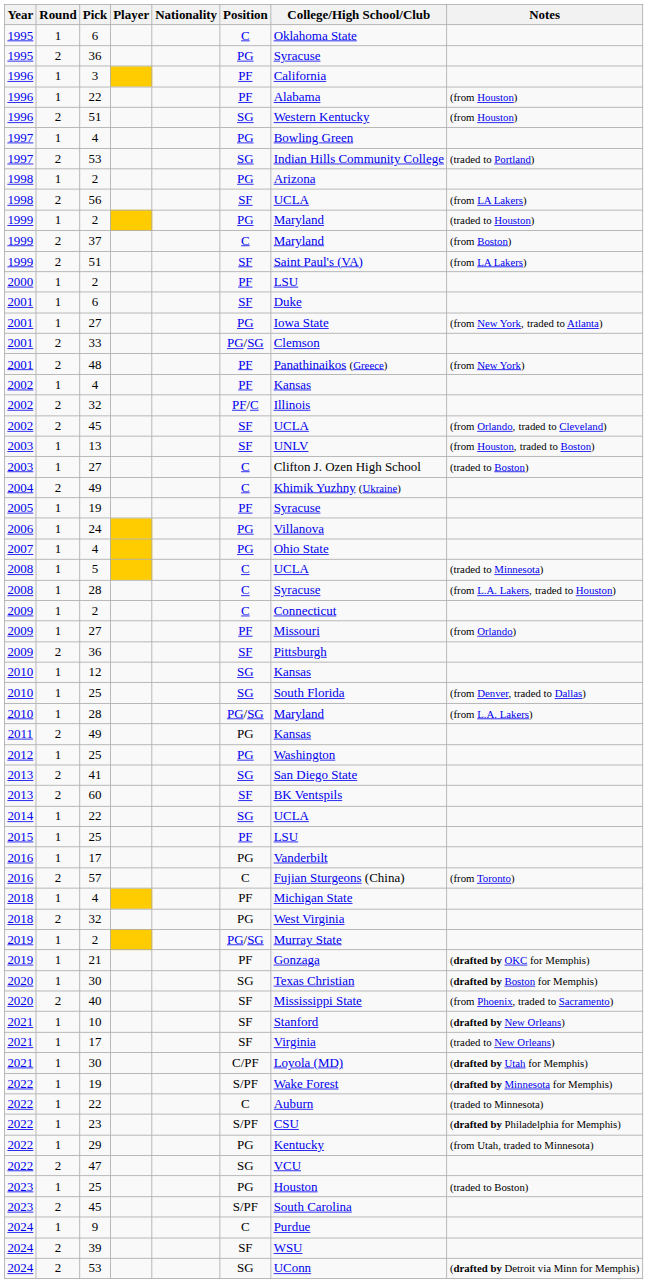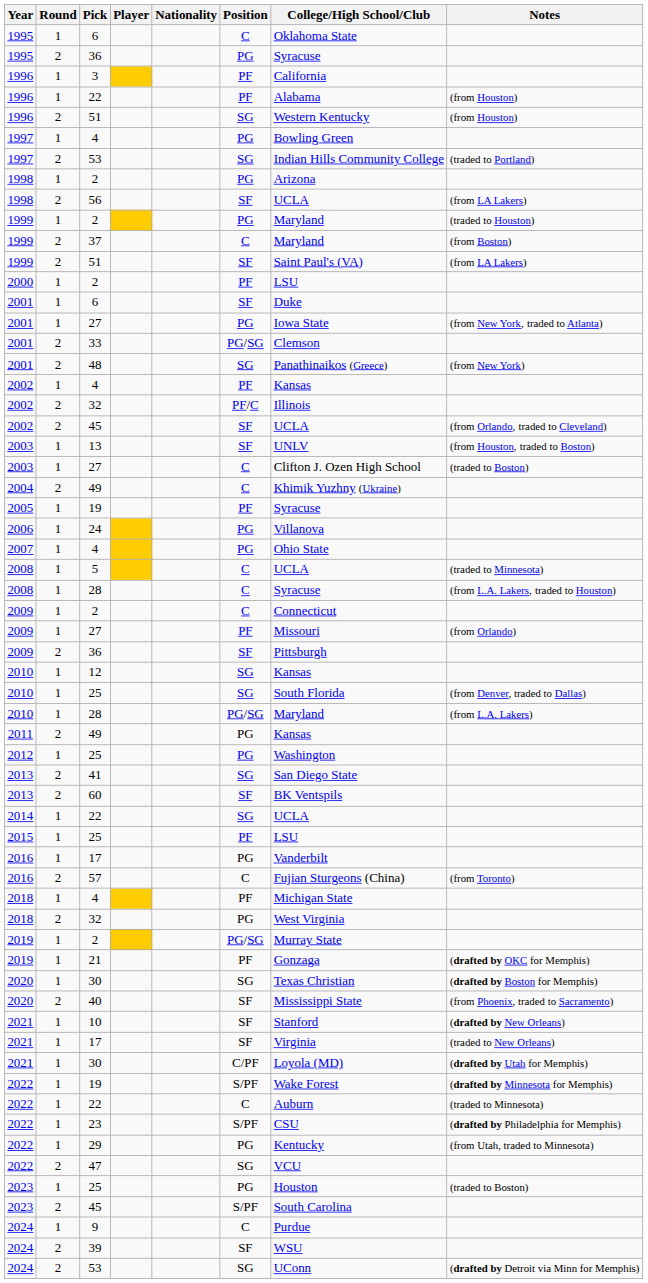 <table class="wikitable sortable">
 <tr>
 <th>Year</th>
 <th>Round</th>
 <th>Pick</th>
 <th>Player</th>
 <th>Nationality</th>
 <th>Position</th>
 <th>College/High School/Club</th>
 <th>Notes</th>
 </tr>
 <tr>
 <td align=center><a href='#'>1995</a></td>
 <td align=center>1</td>
 <td align=center>6</td>
 <td></td>
 <td></td>
 <td align=center><a href='#'>C</a></td>
 <td><a href='#'>Oklahoma State</a></td>
 <td></td>
 </tr>
 <tr>
 <td align=center><a href='#'>1995</a></td>
 <td align=center>2</td>
 <td align=center>36</td>
 <td></td>
 <td></td>
 <td align=center><a href='#'>PG</a></td>
 <td><a href='#'>Syracuse</a></td>
 <td></td>
 </tr>
 <tr>
 <td align=center><a href='#'>1996</a></td>
 <td align=center>1</td>
 <td align=center>3</td>
 <td bgcolor="FFCC00"></td>
 <td></td>
 <td align=center><a href='#'>PF</a></td>
 <td><a href='#'>California</a></td>
 <td></td>
 </tr>
 <tr>
 <td align=center><a href='#'>1996</a></td>
 <td align=center>1</td>
 <td align=center>22</td>
 <td></td>
 <td></td>
 <td align=center><a href='#'>PF</a></td>
 <td><a href='#'>Alabama</a></td>
 <td><small>(from <a href='#'>Houston</a>)</small></td>
 </tr>
 <tr>
 <td align=center><a href='#'>1996</a></td>
 <td align=center>2</td>
 <td align=center>51</td>
 <td></td>
 <td></td>
 <td align=center><a href='#'>SG</a></td>
 <td><a href='#'>Western Kentucky</a></td>
 <td><small>(from <a href='#'>Houston</a>)</small></td>
 </tr>
 <tr>
 <td align=center><a href='#'>1997</a></td>
 <td align=center>1</td>
 <td align=center>4</td>
 <td></td>
 <td></td>
 <td align=center><a href='#'>PG</a></td>
 <td><a href='#'>Bowling Green</a></td>
 <td></td>
 </tr>
 <tr>
 <td align=center><a href='#'>1997</a></td>
 <td align=center>2</td>
 <td align=center>53</td>
 <td></td>
 <td></td>
 <td align=center><a href='#'>SG</a></td>
 <td><a href='#'>Indian Hills Community College</a></td>
 <td><small>(traded to <a href='#'>Portland</a>)</small></td>
 </tr>
 <tr>
 <td align=center><a href='#'>1998</a></td>
 <td align=center>1</td>
 <td align=center>2</td>
 <td></td>
 <td></td>
 <td align=center><a href='#'>PG</a></td>
 <td><a href='#'>Arizona</a></td>
 <td></td>
 </tr>
 <tr>
 <td align=center><a href='#'>1998</a></td>
 <td align=center>2</td>
 <td align=center>56</td>
 <td></td>
 <td></td>
 <td align=center><a href='#'>SF</a></td>
 <td><a href='#'>UCLA</a></td>
 <td><small>(from <a href='#'>LA Lakers</a>)</small></td>
 </tr>
 <tr>
 <td align=center><a href='#'>1999</a></td>
 <td align=center>1</td>
 <td align=center>2</td>
 <td bgcolor="FFCC00"></td>
 <td></td>
 <td align=center><a href='#'>PG</a></td>
 <td><a href='#'>Maryland</a></td>
 <td><small>(traded to <a href='#'>Houston</a>)</small></td>
 </tr>
 <tr>
 <td align=center><a href='#'>1999</a></td>
 <td align=center>2</td>
 <td align=center>37</td>
 <td></td>
 <td></td>
 <td align=center><a href='#'>C</a></td>
 <td><a href='#'>Maryland</a></td>
 <td><small>(from <a href='#'>Boston</a>)</small></td>
 </tr>
 <tr>
 <td align=center><a href='#'>1999</a></td>
 <td align=center>2</td>
 <td align=center>51</td>
 <td></td>
 <td></td>
 <td align=center><a href='#'>SF</a></td>
 <td><a href='#'>Saint Paul's (VA)</a></td>
 <td><small>(from <a href='#'>LA Lakers</a>)</small></td>
 </tr>
 <tr>
 <td align=center><a href='#'>2000</a></td>
 <td align=center>1</td>
 <td align=center>2</td>
 <td></td>
 <td></td>
 <td align=center><a href='#'>PF</a></td>
 <td><a href='#'>LSU</a></td>
 <td></td>
 </tr>
 <tr>
 <td align=center><a href='#'>2001</a></td>
 <td align=center>1</td>
 <td align=center>6</td>
 <td></td>
 <td></td>
 <td align=center><a href='#'>SF</a></td>
 <td><a href='#'>Duke</a></td>
 <td></td>
 </tr>
 <tr>
 <td align=center><a href='#'>2001</a></td>
 <td align=center>1</td>
 <td align=center>27</td>
 <td></td>
 <td></td>
 <td align=center><a href='#'>PG</a></td>
 <td><a href='#'>Iowa State</a></td>
 <td><small>(from <a href='#'>New York</a>,</small> <small>traded to <a href='#'>Atlanta</a>)</small></td>
 </tr>
 <tr>
 <td align=center><a href='#'>2001</a></td>
 <td align=center>2</td>
 <td align=center>33</td>
 <td></td>
 <td></td>
 <td align=center><a href='#'>PG</a>/<a href='#'>SG</a></td>
 <td><a href='#'>Clemson</a></td>
 <td></td>
 </tr>
 <tr>
 <td align=center><a href='#'>2001</a></td>
 <td align=center>2</td>
 <td align=center>48</td>
 <td></td>
 <td></td>
-<td align=center><a href='#'>PF</a></td>
+<td align=center><a href='#'>SG</a></td>
 <td><a href='#'>Panathinaikos</a> <small>(<a href='#'>Greece</a>)</small></td>
 <td><small>(from <a href='#'>New York</a>)</small></td>
 </tr>
 <tr>
 <td align=center><a href='#'>2002</a></td>
 <td align=center>1</td>
 <td align=center>4</td>
 <td></td>
 <td></td>
 <td align=center><a href='#'>PF</a></td>
 <td><a href='#'>Kansas</a></td>
 <td></td>
 </tr>
 <tr>
 <td align=center><a href='#'>2002</a></td>
 <td align=center>2</td>
 <td align=center>32</td>
 <td></td>
 <td></td>
 <td align=center><a href='#'>PF</a>/<a href='#'>C</a></td>
 <td><a href='#'>Illinois</a></td>
 <td></td>
 </tr>
 <tr>
 <td align=center><a href='#'>2002</a></td>
 <td align=center>2</td>
 <td align=center>45</td>
 <td></td>
 <td></td>
 <td align=center><a href='#'>SF</a></td>
 <td><a href='#'>UCLA</a></td>
 <td><small>(from <a href='#'>Orlando</a>,</small> <small>traded to <a href='#'>Cleveland</a>)</small></td>
 </tr>
 <tr>
 <td align=center><a href='#'>2003</a></td>
 <td align=center>1</td>
 <td align=center>13</td>
 <td></td>
 <td></td>
 <td align=center><a href='#'>SF</a></td>
 <td><a href='#'>UNLV</a></td>
 <td><small>(from <a href='#'>Houston</a>,</small> <small>traded to <a href='#'>Boston</a>)</small></td>
 </tr>
 <tr>
 <td align=center><a href='#'>2003</a></td>
 <td align=center>1</td>
 <td align=center>27</td>
 <td></td>
 <td></td>
 <td align=center><a href='#'>C</a></td>
 <td>Clifton J. Ozen High School</td>
 <td><small>(traded to <a href='#'>Boston</a>)</small></td>
 </tr>
 <tr>
 <td align=center><a href='#'>2004</a></td>
 <td align=center>2</td>
 <td align=center>49</td>
 <td></td>
 <td></td>
 <td align=center><a href='#'>C</a></td>
 <td><a href='#'>Khimik Yuzhny</a> <small>(<a href='#'>Ukraine</a>)</small></td>
 <td></td>
 </tr>
 <tr>
 <td align=center><a href='#'>2005</a></td>
 <td align=center>1</td>
 <td align=center>19</td>
 <td></td>
 <td></td>
 <td align=center><a href='#'>PF</a></td>
 <td><a href='#'>Syracuse</a></td>
 <td></td>
 </tr>
 <tr>
 <td align=center><a href='#'>2006</a></td>
 <td align=center>1</td>
 <td align=center>24</td>
 <td bgcolor="FFCC00"></td>
 <td></td>
 <td align=center><a href='#'>PG</a></td>
 <td><a href='#'>Villanova</a></td>
 <td></td>
 </tr>
 <tr>
 <td align=center><a href='#'>2007</a></td>
 <td align=center>1</td>
 <td align=center>4</td>
 <td bgcolor="FFCC00"></td>
 <td></td>
 <td align=center><a href='#'>PG</a></td>
 <td><a href='#'>Ohio State</a></td>
 <td></td>
 </tr>
 <tr>
 <td align=center><a href='#'>2008</a></td>
 <td align=center>1</td>
 <td align=center>5</td>
 <td bgcolor="FFCC00"></td>
 <td></td>
 <td align=center><a href='#'>C</a></td>
 <td><a href='#'>UCLA</a></td>
 <td><small>(traded to <a href='#'>Minnesota</a>)</small></td>
 </tr>
 <tr>
 <td align=center><a href='#'>2008</a></td>
 <td align=center>1</td>
 <td align=center>28</td>
 <td></td>
 <td></td>
 <td align=center><a href='#'>C</a></td>
 <td><a href='#'>Syracuse</a></td>
 <td><small>(from <a href='#'>L.A. Lakers</a>,</small> <small>traded to <a href='#'>Houston</a>)</small></td>
 </tr>
 <tr>
 <td align=center><a href='#'>2009</a></td>
 <td align=center>1</td>
 <td align=center>2</td>
 <td></td>
 <td></td>
 <td align=center><a href='#'>C</a></td>
 <td><a href='#'>Connecticut</a></td>
 <td></td>
 </tr>
 <tr>
 <td align=center><a href='#'>2009</a></td>
 <td align=center>1</td>
 <td align=center>27</td>
 <td></td>
 <td></td>
 <td align=center><a href='#'>PF</a></td>
 <td><a href='#'>Missouri</a></td>
 <td><small>(from <a href='#'>Orlando</a>)</small></td>
 </tr>
 <tr>
 <td align=center><a href='#'>2009</a></td>
 <td align=center>2</td>
 <td align=center>36</td>
 <td></td>
 <td></td>
 <td align=center><a href='#'>SF</a></td>
 <td><a href='#'>Pittsburgh</a></td>
 <td></td>
 </tr>
 <tr>
 <td align=center><a href='#'>2010</a></td>
 <td align=center>1</td>
 <td align=center>12</td>
 <td></td>
 <td></td>
 <td align=center><a href='#'>SG</a></td>
 <td><a href='#'>Kansas</a></td>
 <td></td>
 </tr>
 <tr>
 <td align=center><a href='#'>2010</a></td>
 <td align=center>1</td>
 <td align=center>25</td>
 <td></td>
 <td></td>
 <td align=center><a href='#'>SG</a></td>
 <td><a href='#'>South Florida</a></td>
 <td><small>(from <a href='#'>Denver</a>, traded to <a href='#'>Dallas</a>)</small></td>
 </tr>
 <tr>
 <td align=center><a href='#'>2010</a></td>
 <td align=center>1</td>
 <td align=center>28</td>
 <td></td>
 <td></td>
 <td align=center><a href='#'>PG</a>/<a href='#'>SG</a></td>
 <td><a href='#'>Maryland</a></td>
 <td><small>(from <a href='#'>L.A. Lakers</a>)</small></td>
 </tr>
 <tr>
 <td align=center><a href='#'>2011</a></td>
 <td align=center>2</td>
 <td align=center>49</td>
 <td></td>
 <td></td>
 <td align=center>PG</td>
 <td><a href='#'>Kansas</a></td>
 <td></td>
 </tr>
 <tr>
 <td align=center><a href='#'>2012</a></td>
 <td align=center>1</td>
 <td align=center>25</td>
 <td></td>
 <td></td>
 <td align=center><a href='#'>PG</a></td>
 <td><a href='#'>Washington</a></td>
 <td></td>
 </tr>
 <tr>
 <td align=center><a href='#'>2013</a></td>
 <td align=center>2</td>
 <td align=center>41</td>
 <td></td>
 <td></td>
 <td align=center><a href='#'>SG</a></td>
 <td><a href='#'>San Diego State</a></td>
 <td></td>
 </tr>
 <tr>
 <td align=center><a href='#'>2013</a></td>
 <td align=center>2</td>
 <td align=center>60</td>
 <td></td>
 <td></td>
 <td align=center><a href='#'>SF</a></td>
 <td><a href='#'>BK Ventspils</a></td>
 <td></td>
 </tr>
 <tr>
 <td align=center><a href='#'>2014</a></td>
 <td align=center>1</td>
 <td align=center>22</td>
 <td></td>
 <td></td>
 <td align=center><a href='#'>SG</a></td>
 <td><a href='#'>UCLA</a></td>
 <td></td>
 </tr>
 <tr>
 <td align=center><a href='#'>2015</a></td>
 <td align=center>1</td>
 <td align=center>25</td>
 <td></td>
 <td></td>
 <td align=center><a href='#'>PF</a></td>
 <td><a href='#'>LSU</a></td>
 <td></td>
 </tr>
 <tr>
 <td align=center><a href='#'>2016</a></td>
 <td align=center>1</td>
 <td align=center>17</td>
 <td></td>
 <td></td>
 <td align=center>PG</td>
 <td><a href='#'>Vanderbilt</a></td>
 <td></td>
 </tr>
 <tr>
 <td align=center><a href='#'>2016</a></td>
 <td align=center>2</td>
 <td align=center>57</td>
 <td></td>
 <td></td>
 <td align=center>C</td>
 <td><a href='#'>Fujian Sturgeons</a> (China)</td>
 <td><small>(from <a href='#'>Toronto</a>)</small></td>
 </tr>
 <tr>
 <td align=center><a href='#'>2018</a></td>
 <td align=center>1</td>
 <td align=center>4</td>
 <td bgcolor="FFCC00"></td>
 <td></td>
 <td align=center>PF</td>
 <td><a href='#'>Michigan State</a></td>
 <td></td>
 </tr>
 <tr>
 <td align=center><a href='#'>2018</a></td>
 <td align=center>2</td>
 <td align=center>32</td>
 <td></td>
 <td></td>
 <td align=center>PG</td>
 <td><a href='#'>West Virginia</a></td>
 <td></td>
 </tr>
 <tr>
 <td align=center><a href='#'>2019</a></td>
 <td align=center>1</td>
 <td align=center>2</td>
 <td bgcolor="FFCC00"></td>
 <td></td>
 <td align=center><a href='#'>PG</a>/<a href='#'>SG</a></td>
 <td><a href='#'>Murray State</a></td>
 <td></td>
 </tr>
 <tr>
 <td align=center><a href='#'>2019</a></td>
 <td align=center>1</td>
 <td align=center>21</td>
 <td></td>
 <td></td>
 <td align=center>PF</td>
 <td><a href='#'>Gonzaga</a></td>
 <td><small>(<strong>drafted by</strong> <a href='#'>OKC</a> for Memphis)</small></td>
 </tr>
 <tr>
 <td align=center><a href='#'>2020</a></td>
 <td align=center>1</td>
 <td align=center>30</td>
 <td></td>
 <td></td>
 <td align=center>SG</td>
 <td><a href='#'>Texas Christian</a></td>
 <td><small>(<strong>drafted by</strong> <a href='#'>Boston</a> for Memphis)</small></td>
 </tr>
 <tr>
 <td align=center><a href='#'>2020</a></td>
 <td align=center>2</td>
 <td align=center>40</td>
 <td><em></em></td>
 <td></td>
 <td align=center>SF</td>
 <td><a href='#'>Mississippi State</a></td>
 <td><small>(from <a href='#'>Phoenix</a>, traded to <a href='#'>Sacramento</a>)</small></td>
 </tr>
 <tr>
 <td align=center><a href='#'>2021</a></td>
 <td align=center>1</td>
 <td align=center>10</td>
 <td></td>
 <td></td>
 <td align=center>SF</td>
 <td><a href='#'>Stanford</a></td>
 <td><small>(<strong>drafted by</strong> <a href='#'>New Orleans</a>)</small></td>
 </tr>
 <tr>
 <td align=center><a href='#'>2021</a></td>
 <td align=center>1</td>
 <td align=center>17</td>
 <td><em></em></td>
 <td></td>
 <td align=center>SF</td>
 <td><a href='#'>Virginia</a></td>
 <td><small>(traded to <a href='#'>New Orleans</a>)</small></td>
 </tr>
 <tr>
 <td align=center><a href='#'>2021</a></td>
 <td align=center>1</td>
 <td align=center>30</td>
 <td></td>
 <td></td>
 <td align=center>C/PF</td>
 <td><a href='#'>Loyola (MD)</a></td>
 <td><small>(<strong>drafted by</strong> <a href='#'>Utah</a> for Memphis)</small></td>
 </tr>
 <tr>
 <td align=center><a href='#'>2022</a></td>
 <td align=center>1</td>
 <td align=center>19</td>
 <td></td>
 <td></td>
 <td align=center>S/PF</td>
 <td><a href='#'>Wake Forest</a></td>
 <td><small>(<strong>drafted by</strong> <a href='#'>Minnesota</a> for Memphis)</small></td>
 </tr>
 <tr>
 <td align=center><a href='#'>2022</a></td>
 <td align=center>1</td>
 <td align=center>22</td>
 <td><em></em></td>
 <td></td>
 <td align=center>C</td>
 <td><a href='#'>Auburn</a></td>
 <td><small>(traded to Minnesota)</small></td>
 </tr>
 <tr>
 <td align=center><a href='#'>2022</a></td>
 <td align=center>1</td>
 <td align=center>23</td>
 <td></td>
 <td></td>
 <td align=center>S/PF</td>
 <td><a href='#'>CSU</a></td>
 <td><small>(<strong>drafted by</strong> Philadelphia for Memphis)</small></td>
 </tr>
 <tr>
 <td align=center><a href='#'>2022</a></td>
 <td align=center>1</td>
 <td align=center>29</td>
 <td><em></em></td>
 <td></td>
 <td align=center>PG</td>
 <td><a href='#'>Kentucky</a></td>
 <td><small>(from Utah, traded to Minnesota)</small></td>
 </tr>
 <tr>
 <td align=center><a href='#'>2022</a></td>
 <td align=center>2</td>
 <td align=center>47</td>
 <td></td>
 <td></td>
 <td align=center>SG</td>
 <td><a href='#'>VCU</a></td>
 </tr>
 <tr>
 <td align=center><a href='#'>2023</a></td>
 <td align=center>1</td>
 <td align=center>25</td>
 <td><em></em></td>
 <td></td>
 <td align=center>PG</td>
 <td><a href='#'>Houston</a></td>
 <td><small>(traded to Boston)</small></td>
 </tr>
 <tr>
 <td align=center><a href='#'>2023</a></td>
 <td align=center>2</td>
 <td align=center>45</td>
 <td></td>
 <td></td>
 <td align=center>S/PF</td>
 <td><a href='#'>South Carolina</a></td>
 <td></td>
 </tr>
 <tr>
 <td align=center><a href='#'>2024</a></td>
 <td align=center>1</td>
 <td align=center>9</td>
 <td></td>
 <td></td>
 <td align=center>C</td>
 <td><a href='#'>Purdue</a></td>
 <td></td>
 </tr>
 <tr>
 <td align=center><a href='#'>2024</a></td>
 <td align=center>2</td>
 <td align=center>39</td>
 <td></td>
 <td></td>
 <td align=center>SF</td>
 <td><a href='#'>WSU</a></td>
 <td></td>
 </tr>
 <tr>
 <td align=center><a href='#'>2024</a></td>
 <td align=center>2</td>
 <td align=center>53</td>
 <td></td>
 <td></td>
 <td align=center>SG</td>
 <td><a href='#'>UConn</a></td>
 <td><small>(<strong>drafted by</strong> Detroit via Minn for Memphis)</small></td>
 </tr>
 </table>
